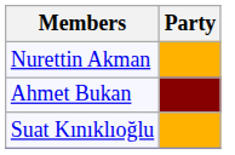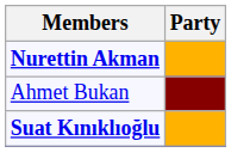 <table class=wikitable style="border:1px solid #8888aa; background-color:#f7f8ff; padding:0px; font-size:90%;">
 <tr>
 <th>Members</th>
 <th colspan="2">Party</th>
 </tr>
 <tr>
-<td><a href='#'>Nurettin Akman</a></td>
+<td><strong><a href='#'>Nurettin Akman</a></strong></td>
 <td style="background: #ffb300"></td>
 </tr>
 <tr>
 <td><a href='#'>Ahmet Bukan</a></td>
 <td style="background: #870000"></td>
 </tr>
 <tr>
-<td><a href='#'>Suat Kınıklıoğlu</a></td>
+<td><strong><a href='#'>Suat Kınıklıoğlu</a></strong></td>
 <td style="background: #ffb300"></td>
 </tr>
 <tr>
 </tr>
 </table>
